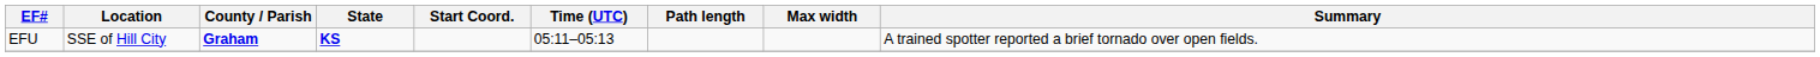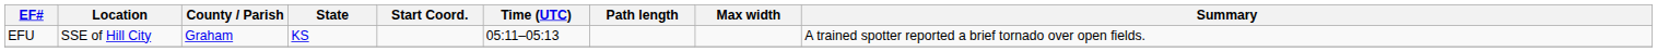 <table class="wikitable sortable" style="width:100%;">
 <tr>
 <th scope="col"  style="width:3%; text-align:center;"><a href='#'>EF#</a></th>
 <th scope="col"  style="width:7%; text-align:center;" class="unsortable">Location</th>
 <th scope="col"  style="width:6%; text-align:center;" class="unsortable">County / Parish</th>
 <th scope="col"  style="width:5%; text-align:center;">State</th>
 <th scope="col"  style="width:6%; text-align:center;">Start Coord.</th>
 <th scope="col"  style="width:6%; text-align:center;">Time (<a href='#'>UTC</a>)</th>
 <th scope="col"  style="width:6%; text-align:center;">Path length</th>
 <th scope="col"  style="width:6%; text-align:center;">Max width</th>
 <th scope="col" class="unsortable" style="width:48%; text-align:center;">Summary</th>
 </tr>
 <tr>
 <td>EFU</td>
 <td>SSE of <a href='#'>Hill City</a></td>
-<td><strong><a href='#'>Graham</a></strong></td>
-<td><strong><a href='#'>KS</a></strong></td>
+<td><a href='#'>Graham</a></td>
+<td><a href='#'>KS</a></td>
 <td></td>
 <td>05:11–05:13</td>
 <td></td>
 <td></td>
 <td>A trained spotter reported a brief tornado over open fields.</td>
 </tr>
 <tr>
 </tr>
 </table>
